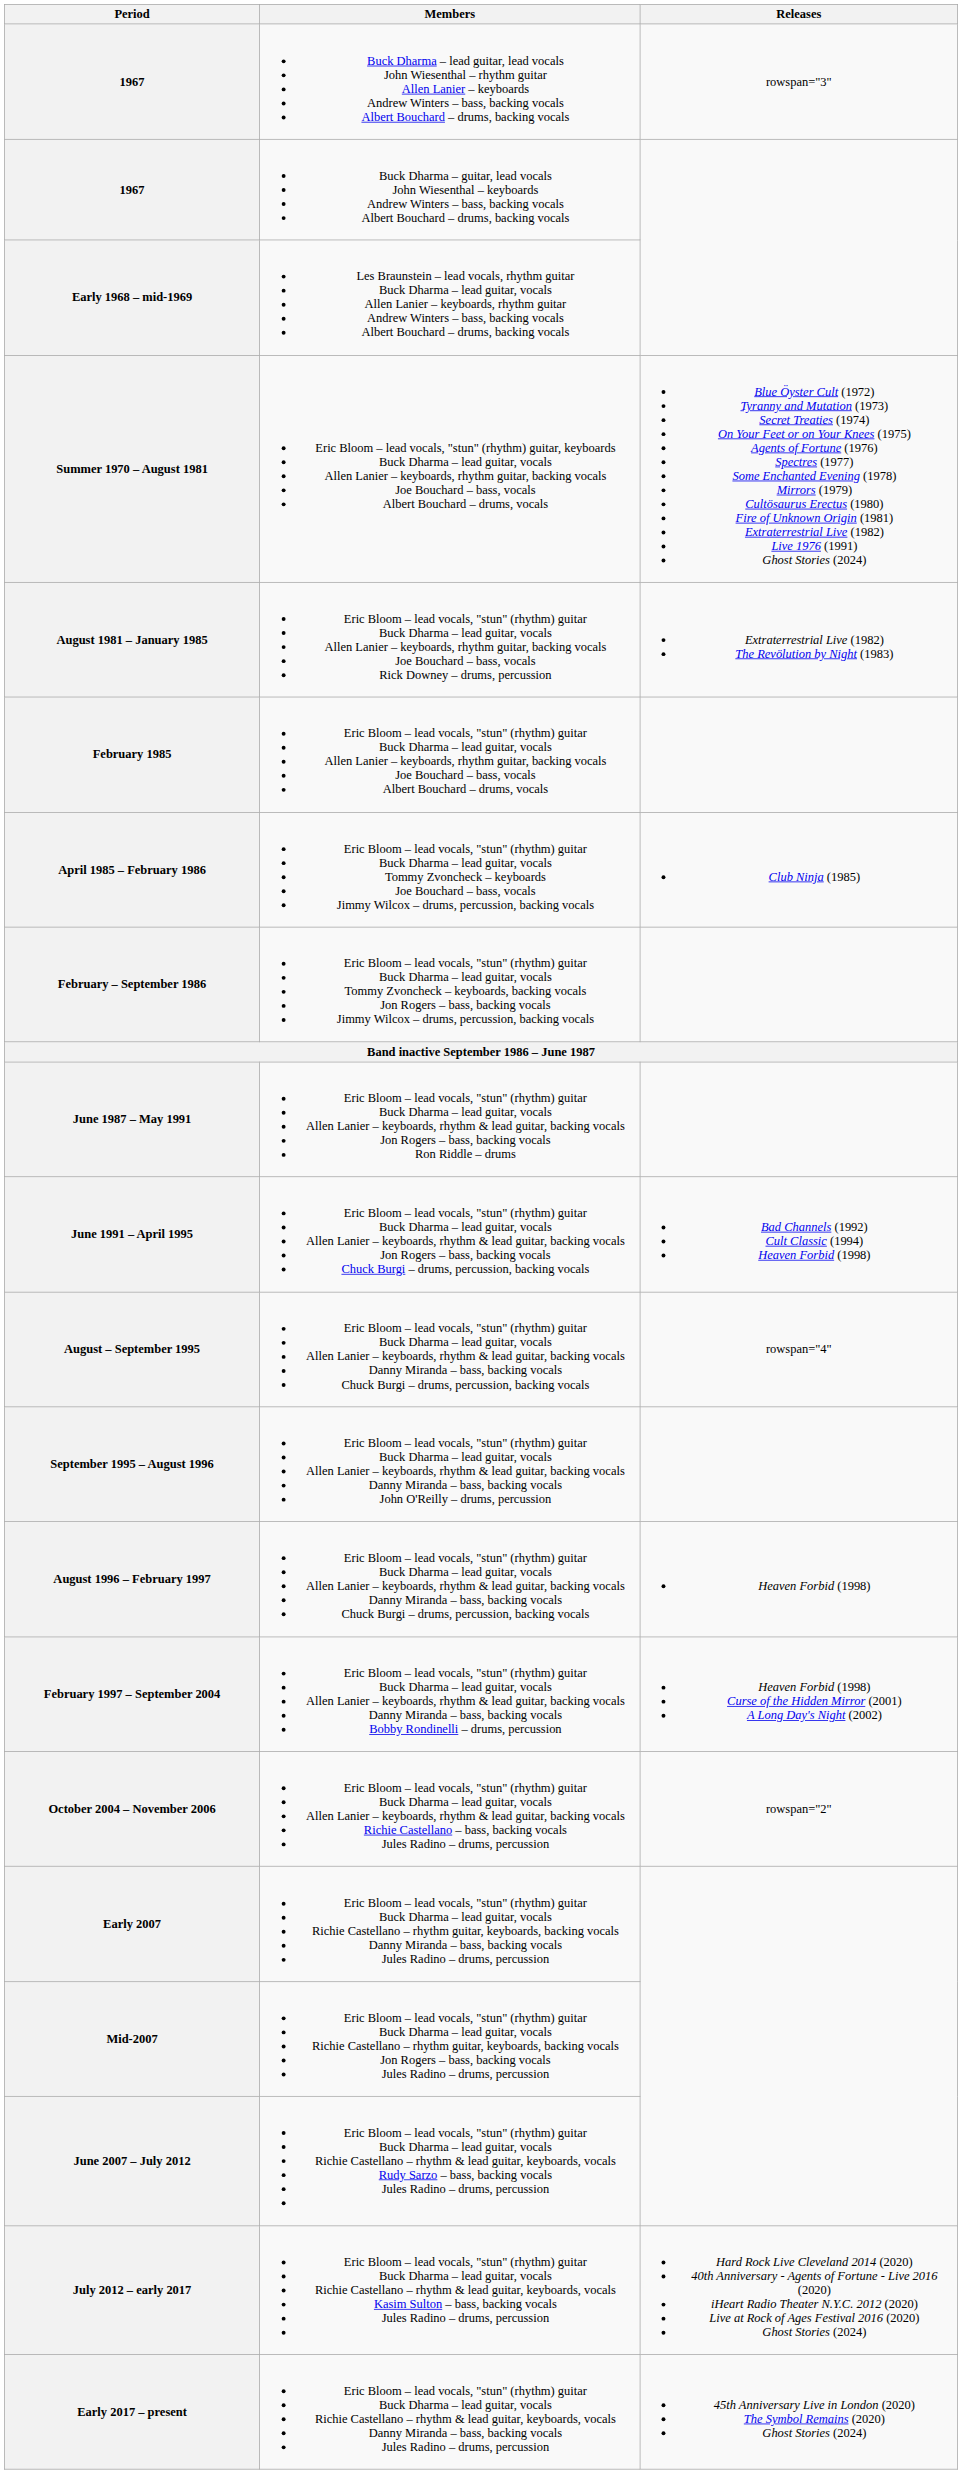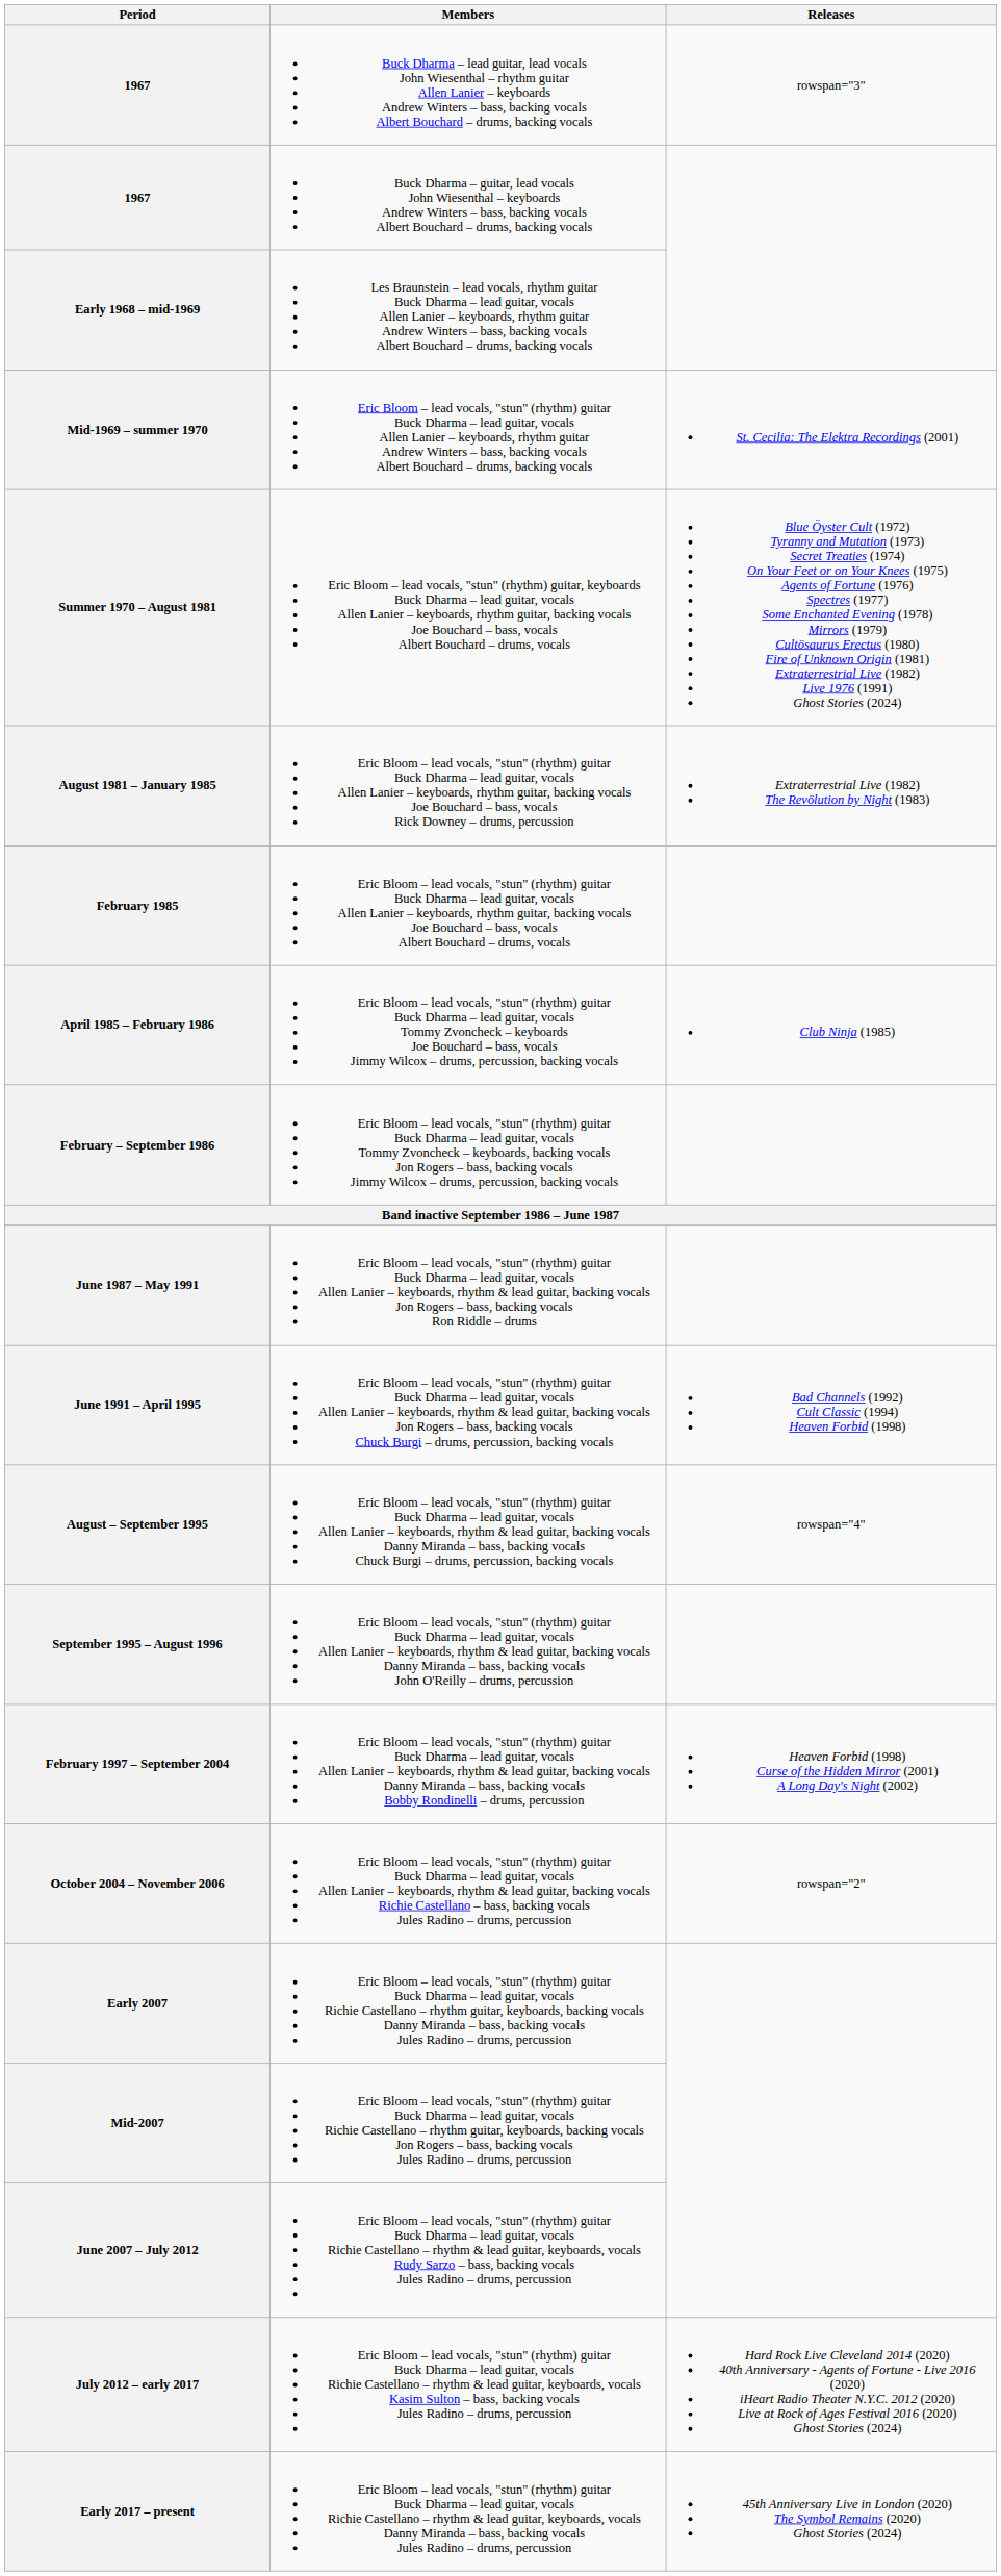 <table class="wikitable plainrowheaders" style="text-align:center;">
 <tr>
 <th scope="col" style="width:20em;">Period</th>
 <th scope="col" style="width:30em;">Members</th>
 <th scope="col" style="width:25em;">Releases</th>
 </tr>
 <tr>
 <th scope="col">1967</th>
 <td><br><ul><li><a href='#'>Buck Dharma</a> – lead guitar, lead vocals</li><li>John Wiesenthal – rhythm guitar</li><li><a href='#'>Allen Lanier</a> – keyboards</li><li>Andrew Winters – bass, backing vocals</li><li><a href='#'>Albert Bouchard</a> – drums, backing vocals</li></ul></td>
 <td>rowspan="3" </td>
 </tr>
 <tr>
 <th scope="col">1967</th>
 <td><br><ul><li>Buck Dharma – guitar, lead vocals</li><li>John Wiesenthal – keyboards</li><li>Andrew Winters – bass, backing vocals</li><li>Albert Bouchard – drums, backing vocals</li></ul></td>
 </tr>
 <tr>
 <th scope="col">Early 1968 – mid-1969</th>
 <td><br><ul><li>Les Braunstein – lead vocals, rhythm guitar</li><li>Buck Dharma – lead guitar, vocals</li><li>Allen Lanier – keyboards, rhythm guitar</li><li>Andrew Winters – bass, backing vocals</li><li>Albert Bouchard – drums, backing vocals</li></ul></td>
+</tr>
+<tr>
+<th scope="col">Mid-1969 – summer 1970</th>
+<td><br><ul><li><a href='#'>Eric Bloom</a> – lead vocals, "stun" (rhythm) guitar</li><li>Buck Dharma – lead guitar, vocals</li><li>Allen Lanier – keyboards, rhythm guitar</li><li>Andrew Winters – bass, backing vocals</li><li>Albert Bouchard – drums, backing vocals</li></ul></td>
+<td><br><ul><li><em><a href='#'>St. Cecilia: The Elektra Recordings</a></em> (2001)</li></ul></td>
 </tr>
 <tr>
 <th scope="col">Summer 1970 – August 1981</th>
 <td><br><ul><li>Eric Bloom – lead vocals, "stun" (rhythm) guitar, keyboards</li><li>Buck Dharma – lead guitar, vocals</li><li>Allen Lanier – keyboards, rhythm guitar, backing vocals</li><li>Joe Bouchard – bass, vocals</li><li>Albert Bouchard – drums, vocals</li></ul></td>
 <td><br><ul><li><em><a href='#'>Blue Öyster Cult</a></em> (1972)</li><li><em><a href='#'>Tyranny and Mutation</a></em> (1973)</li><li><em><a href='#'>Secret Treaties</a></em> (1974)</li><li><em><a href='#'>On Your Feet or on Your Knees</a></em> (1975)</li><li><em><a href='#'>Agents of Fortune</a></em> (1976)</li><li><em><a href='#'>Spectres</a></em> (1977)</li><li><em><a href='#'>Some Enchanted Evening</a></em> (1978)</li><li><em><a href='#'>Mirrors</a></em> (1979)</li><li><em><a href='#'>Cultösaurus Erectus</a></em> (1980)</li><li><em><a href='#'>Fire of Unknown Origin</a></em> (1981)</li><li><em><a href='#'>Extraterrestrial Live</a></em> (1982) </li><li><em><a href='#'>Live 1976</a></em> (1991)</li><li><em>Ghost Stories</em> (2024) </li></ul></td>
 </tr>
 <tr>
 <th scope="col">August 1981 – January 1985</th>
 <td><br><ul><li>Eric Bloom – lead vocals, "stun" (rhythm) guitar</li><li>Buck Dharma – lead guitar, vocals</li><li>Allen Lanier – keyboards, rhythm guitar, backing vocals</li><li>Joe Bouchard – bass, vocals</li><li>Rick Downey – drums, percussion</li></ul></td>
 <td><br><ul><li><em>Extraterrestrial Live</em> (1982)</li><li><em><a href='#'>The Revölution by Night</a></em> (1983)</li></ul></td>
 </tr>
 <tr>
 <th scope="col">February 1985</th>
 <td><br><ul><li>Eric Bloom – lead vocals, "stun" (rhythm) guitar</li><li>Buck Dharma – lead guitar, vocals</li><li>Allen Lanier – keyboards, rhythm guitar, backing vocals</li><li>Joe Bouchard – bass, vocals</li><li>Albert Bouchard – drums, vocals</li></ul></td>
 <td></td>
 </tr>
 <tr>
 <th scope="col">April 1985 – February 1986</th>
 <td><br><ul><li>Eric Bloom – lead vocals, "stun" (rhythm) guitar</li><li>Buck Dharma – lead guitar, vocals</li><li>Tommy Zvoncheck – keyboards</li><li>Joe Bouchard – bass, vocals</li><li>Jimmy Wilcox – drums, percussion, backing vocals</li></ul></td>
 <td><br><ul><li><em><a href='#'>Club Ninja</a></em> (1985)</li></ul></td>
 </tr>
 <tr>
 <th scope="col">February – September 1986</th>
 <td><br><ul><li>Eric Bloom – lead vocals, "stun" (rhythm) guitar</li><li>Buck Dharma – lead guitar, vocals</li><li>Tommy Zvoncheck – keyboards, backing vocals</li><li>Jon Rogers – bass, backing vocals</li><li>Jimmy Wilcox – drums, percussion, backing vocals</li></ul></td>
 <td></td>
 </tr>
 <tr>
 <th scope="col" colspan="3">Band inactive September 1986 – June 1987</th>
 </tr>
 <tr>
 <th scope="col">June 1987 – May 1991</th>
 <td><br><ul><li>Eric Bloom – lead vocals, "stun" (rhythm) guitar</li><li>Buck Dharma – lead guitar, vocals</li><li>Allen Lanier – keyboards, rhythm & lead guitar, backing vocals</li><li>Jon Rogers – bass, backing vocals</li><li>Ron Riddle – drums</li></ul></td>
 <td></td>
 </tr>
 <tr>
 <th scope="col">June 1991 – April 1995</th>
 <td><br><ul><li>Eric Bloom – lead vocals, "stun" (rhythm) guitar</li><li>Buck Dharma – lead guitar, vocals</li><li>Allen Lanier – keyboards, rhythm & lead guitar, backing vocals</li><li>Jon Rogers – bass, backing vocals</li><li><a href='#'>Chuck Burgi</a> – drums, percussion, backing vocals</li></ul></td>
 <td><br><ul><li><em><a href='#'>Bad Channels</a></em> (1992)</li><li><em><a href='#'>Cult Classic</a></em> (1994)</li><li><em><a href='#'>Heaven Forbid</a></em> (1998) </li></ul></td>
 </tr>
 <tr>
 <th scope="col">August – September 1995</th>
 <td><br><ul><li>Eric Bloom – lead vocals, "stun" (rhythm) guitar</li><li>Buck Dharma – lead guitar, vocals</li><li>Allen Lanier – keyboards, rhythm & lead guitar, backing vocals</li><li>Danny Miranda – bass, backing vocals</li><li>Chuck Burgi – drums, percussion, backing vocals</li></ul></td>
 <td>rowspan="4" </td>
 </tr>
 <tr>
 <th scope="col">September 1995 – August 1996</th>
 <td><br><ul><li>Eric Bloom – lead vocals, "stun" (rhythm) guitar</li><li>Buck Dharma – lead guitar, vocals</li><li>Allen Lanier – keyboards, rhythm & lead guitar, backing vocals</li><li>Danny Miranda – bass, backing vocals</li><li>John O'Reilly – drums, percussion</li></ul></td>
 </tr>
 <tr>
-<th scope="col">August 1996 – February 1997</th>
-<td><br><ul><li>Eric Bloom – lead vocals, "stun" (rhythm) guitar</li><li>Buck Dharma – lead guitar, vocals</li><li>Allen Lanier – keyboards, rhythm & lead guitar, backing vocals</li><li>Danny Miranda – bass, backing vocals</li><li>Chuck Burgi – drums, percussion, backing vocals</li></ul></td>
-<td><br><ul><li><em>Heaven Forbid</em> (1998) </li></ul></td>
-</tr>
-<tr>
 <th scope="col">February 1997 – September 2004</th>
 <td><br><ul><li>Eric Bloom – lead vocals, "stun" (rhythm) guitar</li><li>Buck Dharma – lead guitar, vocals</li><li>Allen Lanier – keyboards, rhythm & lead guitar, backing vocals</li><li>Danny Miranda – bass, backing vocals</li><li><a href='#'>Bobby Rondinelli</a> – drums, percussion</li></ul></td>
 <td><br><ul><li><em>Heaven Forbid</em> (1998) </li><li><em><a href='#'>Curse of the Hidden Mirror</a></em> (2001)</li><li><em><a href='#'>A Long Day's Night</a></em> (2002)</li></ul></td>
 </tr>
 <tr>
 <th scope="col">October 2004 – November 2006</th>
 <td><br><ul><li>Eric Bloom – lead vocals, "stun" (rhythm) guitar</li><li>Buck Dharma – lead guitar, vocals</li><li>Allen Lanier – keyboards, rhythm & lead guitar, backing vocals</li><li><a href='#'>Richie Castellano</a> – bass, backing vocals</li><li>Jules Radino – drums, percussion</li></ul></td>
 <td>rowspan="2" </td>
 </tr>
 <tr>
 <th scope="col">Early 2007</th>
 <td><br><ul><li>Eric Bloom – lead vocals, "stun" (rhythm) guitar</li><li>Buck Dharma – lead guitar, vocals</li><li>Richie Castellano – rhythm guitar, keyboards, backing vocals</li><li>Danny Miranda – bass, backing vocals</li><li>Jules Radino – drums, percussion</li></ul></td>
 </tr>
 <tr>
 <th scope="col">Mid-2007</th>
 <td><br><ul><li>Eric Bloom – lead vocals, "stun" (rhythm) guitar</li><li>Buck Dharma – lead guitar, vocals</li><li>Richie Castellano – rhythm guitar, keyboards, backing vocals</li><li>Jon Rogers – bass, backing vocals</li><li>Jules Radino – drums, percussion</li></ul></td>
 </tr>
 <tr>
 <th scope="col">June 2007 – July 2012</th>
 <td><br><ul><li>Eric Bloom – lead vocals, "stun" (rhythm) guitar</li><li>Buck Dharma – lead guitar, vocals</li><li>Richie Castellano – rhythm & lead guitar, keyboards, vocals</li><li><a href='#'>Rudy Sarzo</a> – bass, backing vocals</li><li>Jules Radino – drums, percussion</li><li></li></ul></td>
 </tr>
 <tr>
 <th scope="col">July 2012 – early 2017</th>
 <td><br><ul><li>Eric Bloom – lead vocals, "stun" (rhythm) guitar</li><li>Buck Dharma – lead guitar, vocals</li><li>Richie Castellano – rhythm & lead guitar, keyboards, vocals</li><li><a href='#'>Kasim Sulton</a> – bass, backing vocals</li><li>Jules Radino – drums, percussion</li><li></li></ul></td>
 <td><br><ul><li><em>Hard Rock Live Cleveland 2014</em> (2020)</li><li><em>40th Anniversary - Agents of Fortune - Live 2016</em> (2020)</li><li><em>iHeart Radio Theater N.Y.C. 2012</em> (2020)</li><li><em>Live at Rock of Ages Festival 2016</em> (2020)</li><li><em>Ghost Stories</em> (2024) </li></ul></td>
 </tr>
 <tr>
 <th scope="col">Early 2017 – present</th>
 <td><br><ul><li>Eric Bloom – lead vocals, "stun" (rhythm) guitar</li><li>Buck Dharma – lead guitar, vocals</li><li>Richie Castellano – rhythm & lead guitar, keyboards, vocals</li><li>Danny Miranda – bass, backing vocals</li><li>Jules Radino – drums, percussion</li></ul></td>
 <td><br><ul><li><em>45th Anniversary Live in London</em> (2020)</li><li><em><a href='#'>The Symbol Remains</a></em> (2020)</li><li><em>Ghost Stories</em> (2024) </li></ul></td>
 </tr>
 </table>
